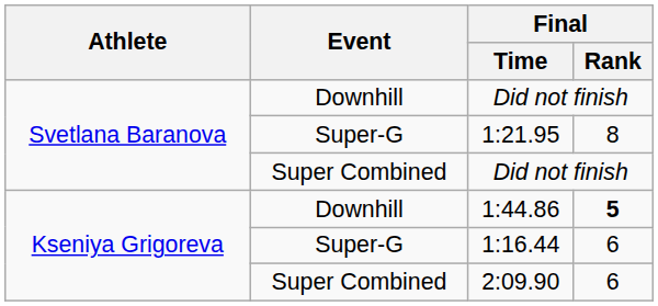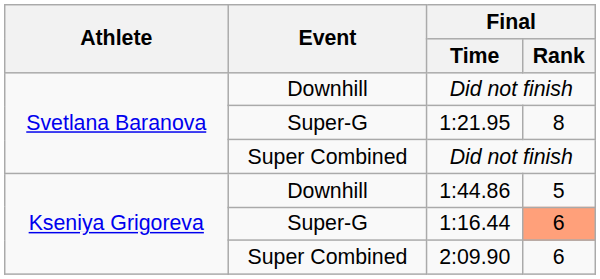 <table class="wikitable" style="font-size:90%; text-align:center; width:400px">
 <tr>
 <th rowspan="2">Athlete</th>
 <th rowspan="2">Event</th>
 <th colspan="2">Final</th>
 </tr>
 <tr>
 <th>Time</th>
 <th>Rank</th>
 </tr>
 <tr>
 <td rowspan=3><a href='#'>Svetlana Baranova</a></td>
 <td>Downhill</td>
 <td colspan=2><em>Did not finish</em></td>
 </tr>
 <tr>
 <td>Super-G</td>
 <td>1:21.95</td>
 <td>8</td>
 </tr>
 <tr>
 <td>Super Combined</td>
 <td colspan=2><em>Did not finish</em></td>
 </tr>
 <tr>
 <td rowspan=3><a href='#'>Kseniya Grigoreva</a></td>
 <td>Downhill</td>
 <td>1:44.86</td>
-<td><strong>5</strong></td>
+<td>5</td>
 </tr>
 <tr>
 <td>Super-G</td>
 <td>1:16.44</td>
-<td>6</td>
+<td style="background: lightsalmon;">6</td>
 </tr>
 <tr>
 <td>Super Combined</td>
 <td>2:09.90</td>
 <td>6</td>
 </tr>
 </table>
